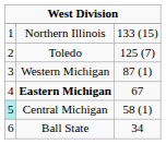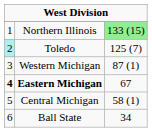 <table class="wikitable">
 <tr align="center">
 <td align="center" Colspan="3"><strong>West Division</strong></td>
 </tr>
 <tr align="center">
 </tr>
 <tr align="center">
 <td>1</td>
 <td>Northern Illinois</td>
-<td>133 (15)</td>
+<td style="background: lightgreen;">133 (15)</td>
 </tr>
 <tr align="center">
-<td>2</td>
+<td style="background: paleturquoise;">2</td>
 <td>Toledo</td>
 <td>125 (7)</td>
 </tr>
 <tr align="center">
 <td>3</td>
 <td>Western Michigan</td>
 <td>87 (1)</td>
 </tr>
 <tr align="center">
-<td>4</td>
+<td><strong>4</strong></td>
 <td><strong>Eastern Michigan</strong></td>
 <td>67</td>
 </tr>
 <tr align="center">
-<td style="background: paleturquoise;">5</td>
+<td>5</td>
 <td>Central Michigan</td>
 <td>58 (1)</td>
 </tr>
 <tr align="center">
 <td>6</td>
 <td>Ball State</td>
 <td>34</td>
 </tr>
 </table>
